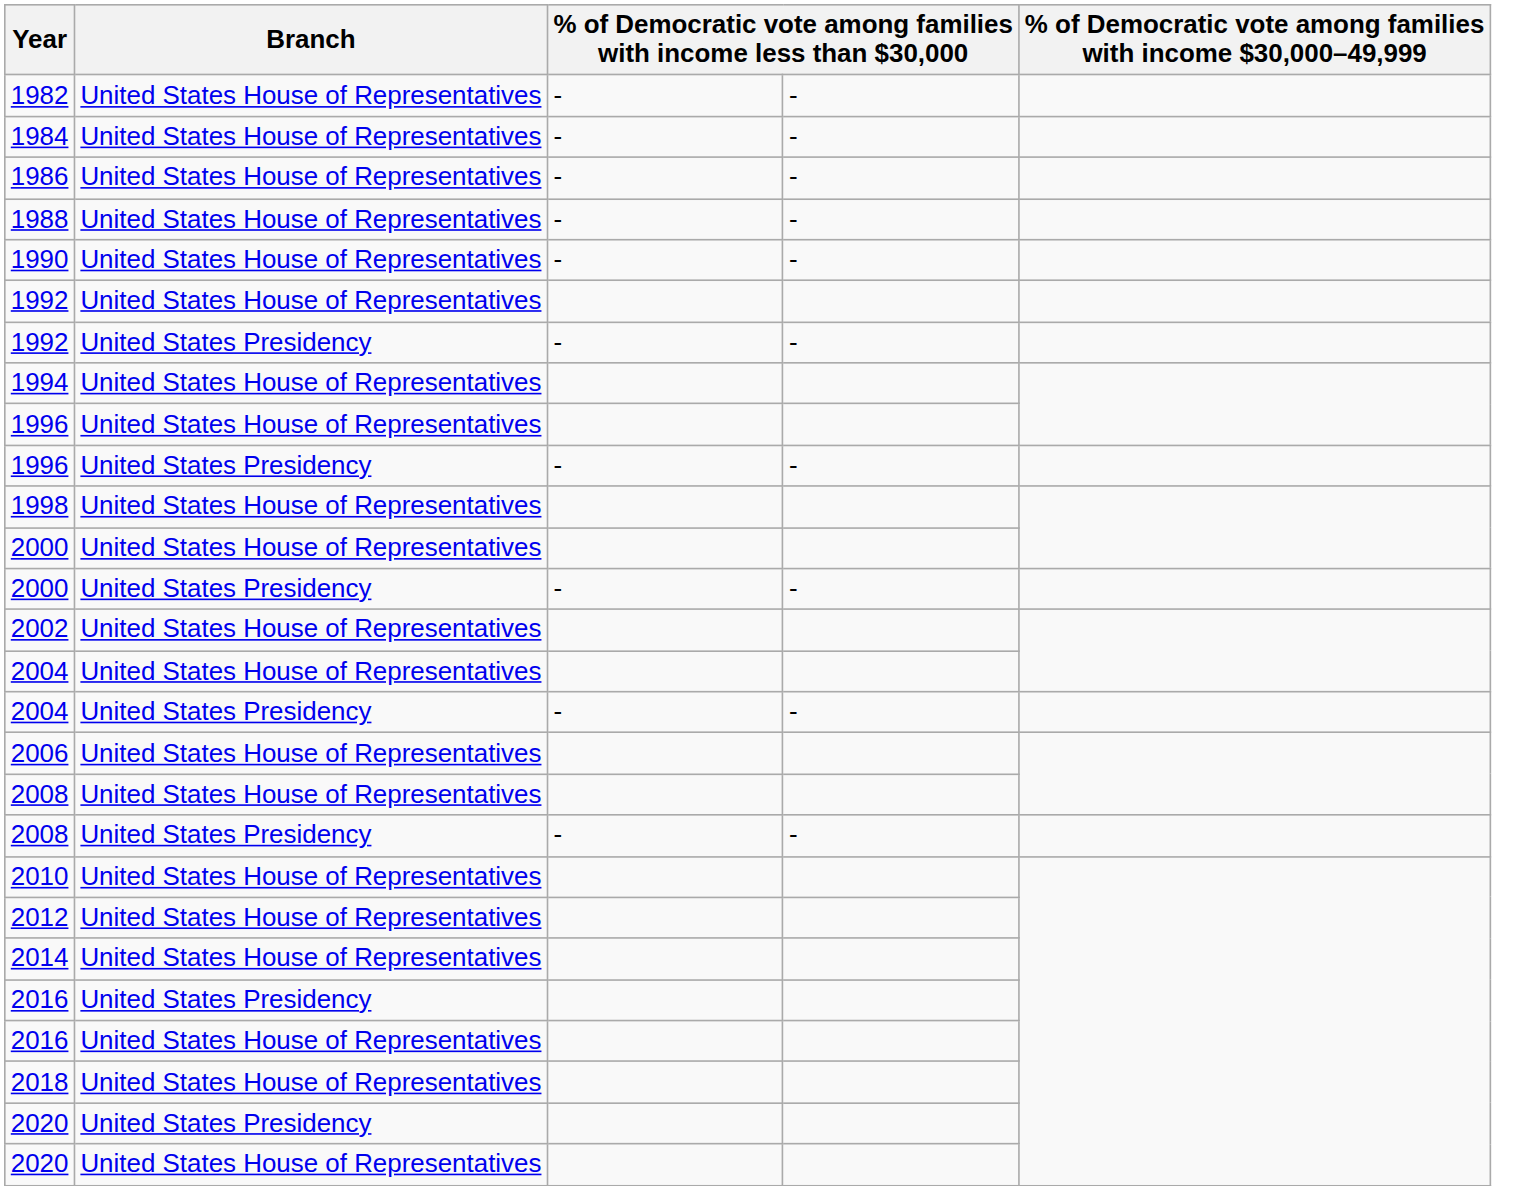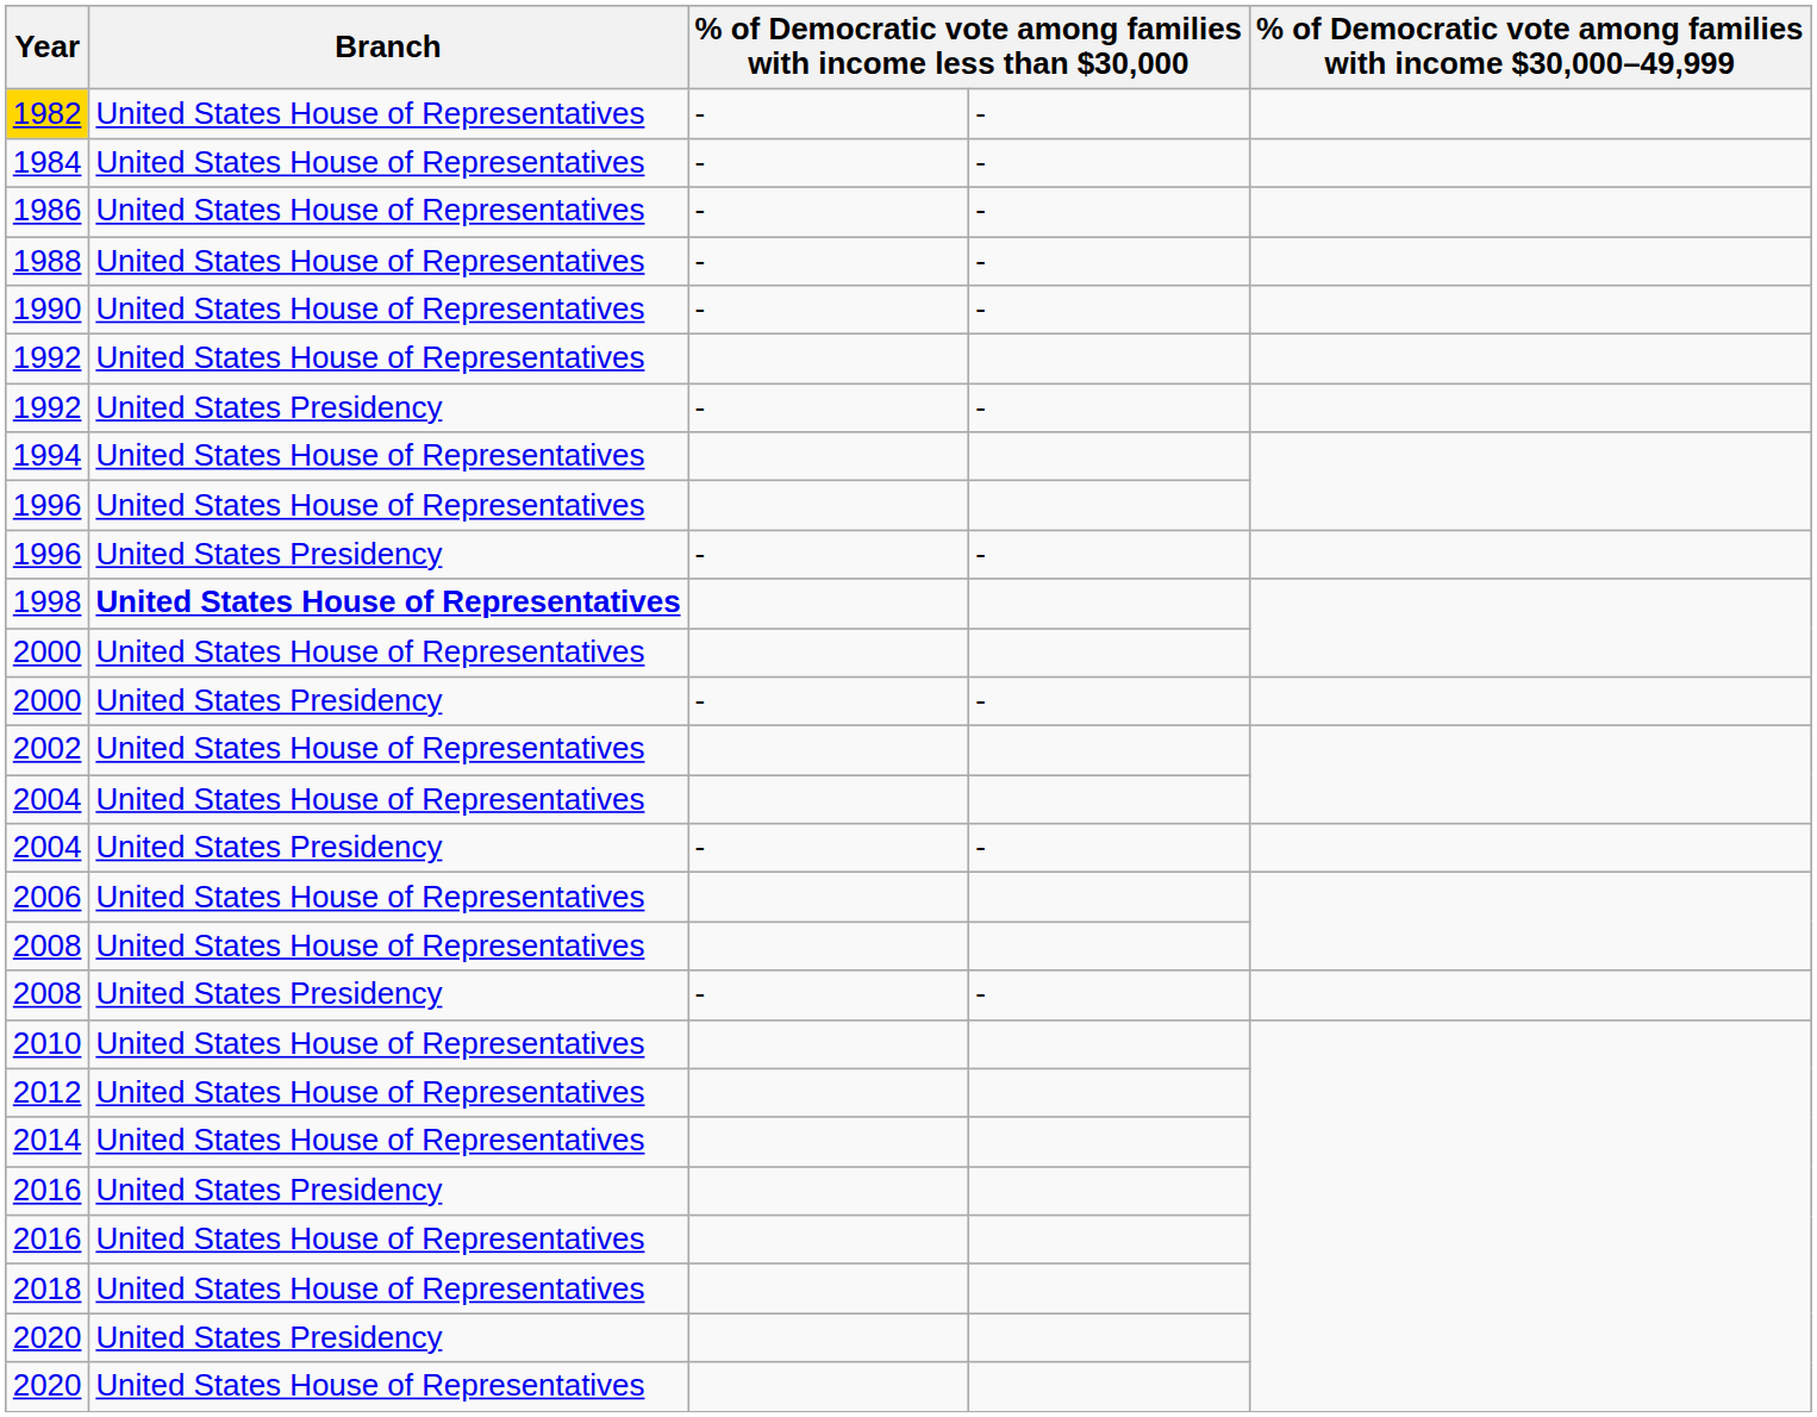 <table class="wikitable sortable collapsible">
 <tr>
 <th>Year</th>
 <th>Branch</th>
 <th colspan="2">% of Democratic vote among families<br>with income less than $30,000</th>
 <th colspan="2">% of Democratic vote among families<br>with income $30,000–49,999</th>
 </tr>
 <tr>
-<td><a href='#'>1982</a></td>
+<td style="background: gold;"><a href='#'>1982</a></td>
 <td><a href='#'>United States House of Representatives</a></td>
 <td>-</td>
 <td>-</td>
 <td align=right></td>
 </tr>
 <tr>
 <td><a href='#'>1984</a></td>
 <td><a href='#'>United States House of Representatives</a></td>
 <td>-</td>
 <td>-</td>
 <td align=right></td>
 </tr>
 <tr>
 <td><a href='#'>1986</a></td>
 <td><a href='#'>United States House of Representatives</a></td>
 <td>-</td>
 <td>-</td>
 <td align=right></td>
 </tr>
 <tr>
 <td><a href='#'>1988</a></td>
 <td><a href='#'>United States House of Representatives</a></td>
 <td>-</td>
 <td>-</td>
 <td align=right></td>
 </tr>
 <tr>
 <td><a href='#'>1990</a></td>
 <td><a href='#'>United States House of Representatives</a></td>
 <td>-</td>
 <td>-</td>
 <td align=right></td>
 </tr>
 <tr>
 <td><a href='#'>1992</a></td>
 <td><a href='#'>United States House of Representatives</a></td>
 <td align=right></td>
 <td align=right></td>
 </tr>
 <tr>
 <td><a href='#'>1992</a></td>
 <td><a href='#'>United States Presidency</a></td>
 <td>-</td>
 <td>-</td>
 <td align=right></td>
 </tr>
 <tr>
 <td><a href='#'>1994</a></td>
 <td><a href='#'>United States House of Representatives</a></td>
 <td align=right></td>
 <td align=right></td>
 </tr>
 <tr>
 <td><a href='#'>1996</a></td>
 <td><a href='#'>United States House of Representatives</a></td>
 <td align=right></td>
 <td align=right></td>
 </tr>
 <tr>
 <td><a href='#'>1996</a></td>
 <td><a href='#'>United States Presidency</a></td>
 <td>-</td>
 <td>-</td>
 <td align=right></td>
 </tr>
 <tr>
 <td><a href='#'>1998</a></td>
-<td><a href='#'>United States House of Representatives</a></td>
+<td><strong><a href='#'>United States House of Representatives</a></strong></td>
 <td align=right></td>
 <td align=right></td>
 </tr>
 <tr>
 <td><a href='#'>2000</a></td>
 <td><a href='#'>United States House of Representatives</a></td>
 <td align=right></td>
 <td align=right></td>
 </tr>
 <tr>
 <td><a href='#'>2000</a></td>
 <td><a href='#'>United States Presidency</a></td>
 <td>-</td>
 <td>-</td>
 <td align=right></td>
 </tr>
 <tr>
 <td><a href='#'>2002</a></td>
 <td><a href='#'>United States House of Representatives</a></td>
 <td align=right></td>
 <td align=right></td>
 </tr>
 <tr>
 <td><a href='#'>2004</a></td>
 <td><a href='#'>United States House of Representatives</a></td>
 <td align=right></td>
 <td align=right></td>
 </tr>
 <tr>
 <td><a href='#'>2004</a></td>
 <td><a href='#'>United States Presidency</a></td>
 <td>-</td>
 <td>-</td>
 <td align=right></td>
 </tr>
 <tr>
 <td><a href='#'>2006</a></td>
 <td><a href='#'>United States House of Representatives</a></td>
 <td align=right></td>
 <td align=right></td>
 </tr>
 <tr>
 <td><a href='#'>2008</a></td>
 <td><a href='#'>United States House of Representatives</a></td>
 <td align=right></td>
 <td align=right></td>
 </tr>
 <tr>
 <td><a href='#'>2008</a></td>
 <td><a href='#'>United States Presidency</a></td>
 <td>-</td>
 <td>-</td>
 <td align=right></td>
 </tr>
 <tr>
 <td><a href='#'>2010</a></td>
 <td><a href='#'>United States House of Representatives</a></td>
 <td align=right></td>
 <td align=right></td>
 </tr>
 <tr>
 <td><a href='#'>2012</a></td>
 <td><a href='#'>United States House of Representatives</a></td>
 <td align=right></td>
 <td align=right></td>
 </tr>
 <tr>
 <td><a href='#'>2014</a></td>
 <td><a href='#'>United States House of Representatives</a></td>
 <td align=right></td>
 <td align=right></td>
 </tr>
 <tr>
 <td><a href='#'>2016</a></td>
 <td><a href='#'>United States Presidency</a></td>
 <td align=right></td>
 <td align=right></td>
 </tr>
 <tr>
 <td><a href='#'>2016</a></td>
 <td><a href='#'>United States House of Representatives</a></td>
 <td align=right></td>
 <td align=right></td>
 </tr>
 <tr>
 <td><a href='#'>2018</a></td>
 <td><a href='#'>United States House of Representatives</a></td>
 <td align=right></td>
 <td align=right></td>
 </tr>
 <tr>
 <td><a href='#'>2020</a></td>
 <td><a href='#'>United States Presidency</a></td>
 <td align=right></td>
 <td align=right></td>
 </tr>
 <tr>
 <td><a href='#'>2020</a></td>
 <td><a href='#'>United States House of Representatives</a></td>
 <td align=right></td>
 <td align=right></td>
 </tr>
 <tr>
 </tr>
 </table>
